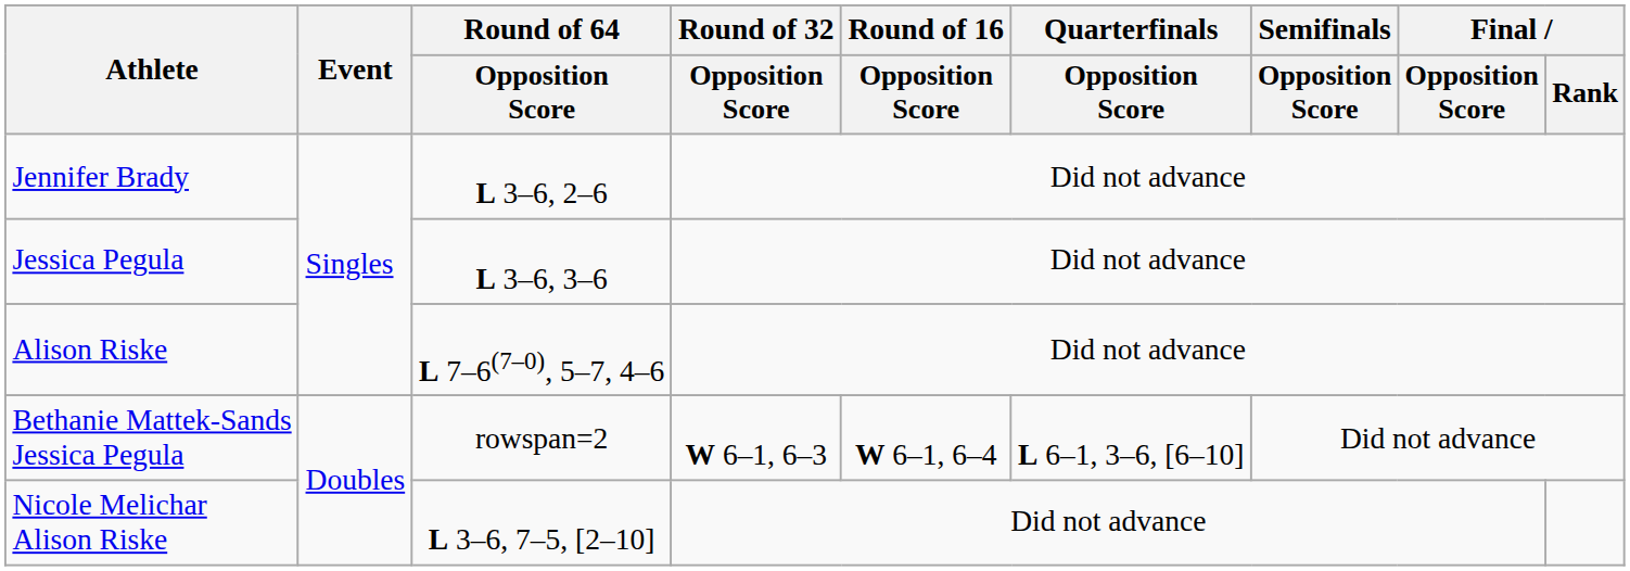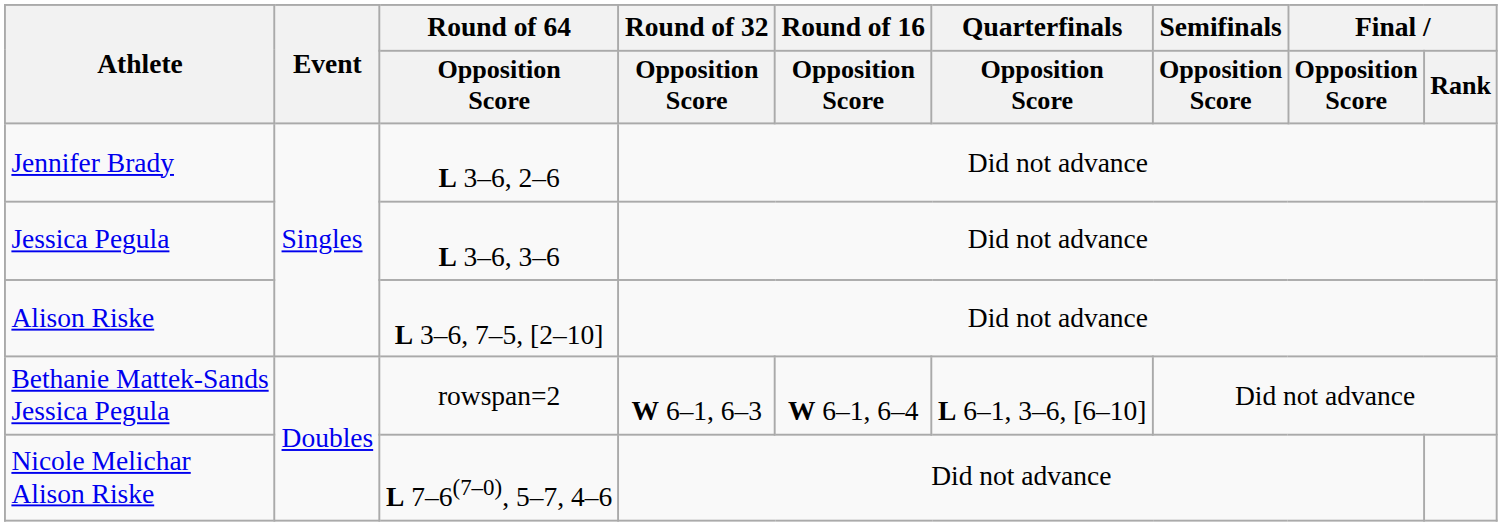 <table class=wikitable style=font-size:90%;text-align:center>
 <tr>
 <th rowspan=2>Athlete</th>
 <th rowspan=2>Event</th>
 <th>Round of 64</th>
 <th>Round of 32</th>
 <th>Round of 16</th>
 <th>Quarterfinals</th>
 <th>Semifinals</th>
 <th colspan=2>Final / </th>
 </tr>
 <tr style=font-size:95%>
 <th>Opposition<br>Score</th>
 <th>Opposition<br>Score</th>
 <th>Opposition<br>Score</th>
 <th>Opposition<br>Score</th>
 <th>Opposition<br>Score</th>
 <th>Opposition<br>Score</th>
 <th>Rank</th>
 </tr>
 <tr>
 <td align=left><a href='#'>Jennifer Brady</a></td>
 <td align=left rowspan=3><a href='#'>Singles</a></td>
 <td><br><strong>L</strong> 3–6, 2–6</td>
 <td colspan=6>Did not advance</td>
 </tr>
 <tr>
 <td align=left><a href='#'>Jessica Pegula</a></td>
 <td><br><strong>L</strong> 3–6, 3–6</td>
 <td colspan=6>Did not advance</td>
 </tr>
 <tr>
 <td align=left><a href='#'>Alison Riske</a></td>
-<td><br><strong>L</strong> 7–6<sup>(7–0)</sup>, 5–7, 4–6</td>
+<td><br><strong>L</strong> 3–6, 7–5, [2–10]</td>
 <td colspan=6>Did not advance</td>
 </tr>
 <tr>
 <td align=left><a href='#'>Bethanie Mattek-Sands</a><br><a href='#'>Jessica Pegula</a></td>
 <td align=left rowspan=2><a href='#'>Doubles</a></td>
 <td>rowspan=2 </td>
 <td><br><strong>W</strong> 6–1, 6–3</td>
 <td><br><strong>W</strong> 6–1, 6–4</td>
 <td><br><strong>L</strong> 6–1, 3–6, [6–10]</td>
 <td colspan=3>Did not advance</td>
 </tr>
 <tr>
 <td align=left><a href='#'>Nicole Melichar</a><br><a href='#'>Alison Riske</a></td>
-<td><br><strong>L</strong> 3–6, 7–5, [2–10]</td>
+<td><br><strong>L</strong> 7–6<sup>(7–0)</sup>, 5–7, 4–6</td>
 <td colspan=5>Did not advance</td>
 </tr>
 </table>
